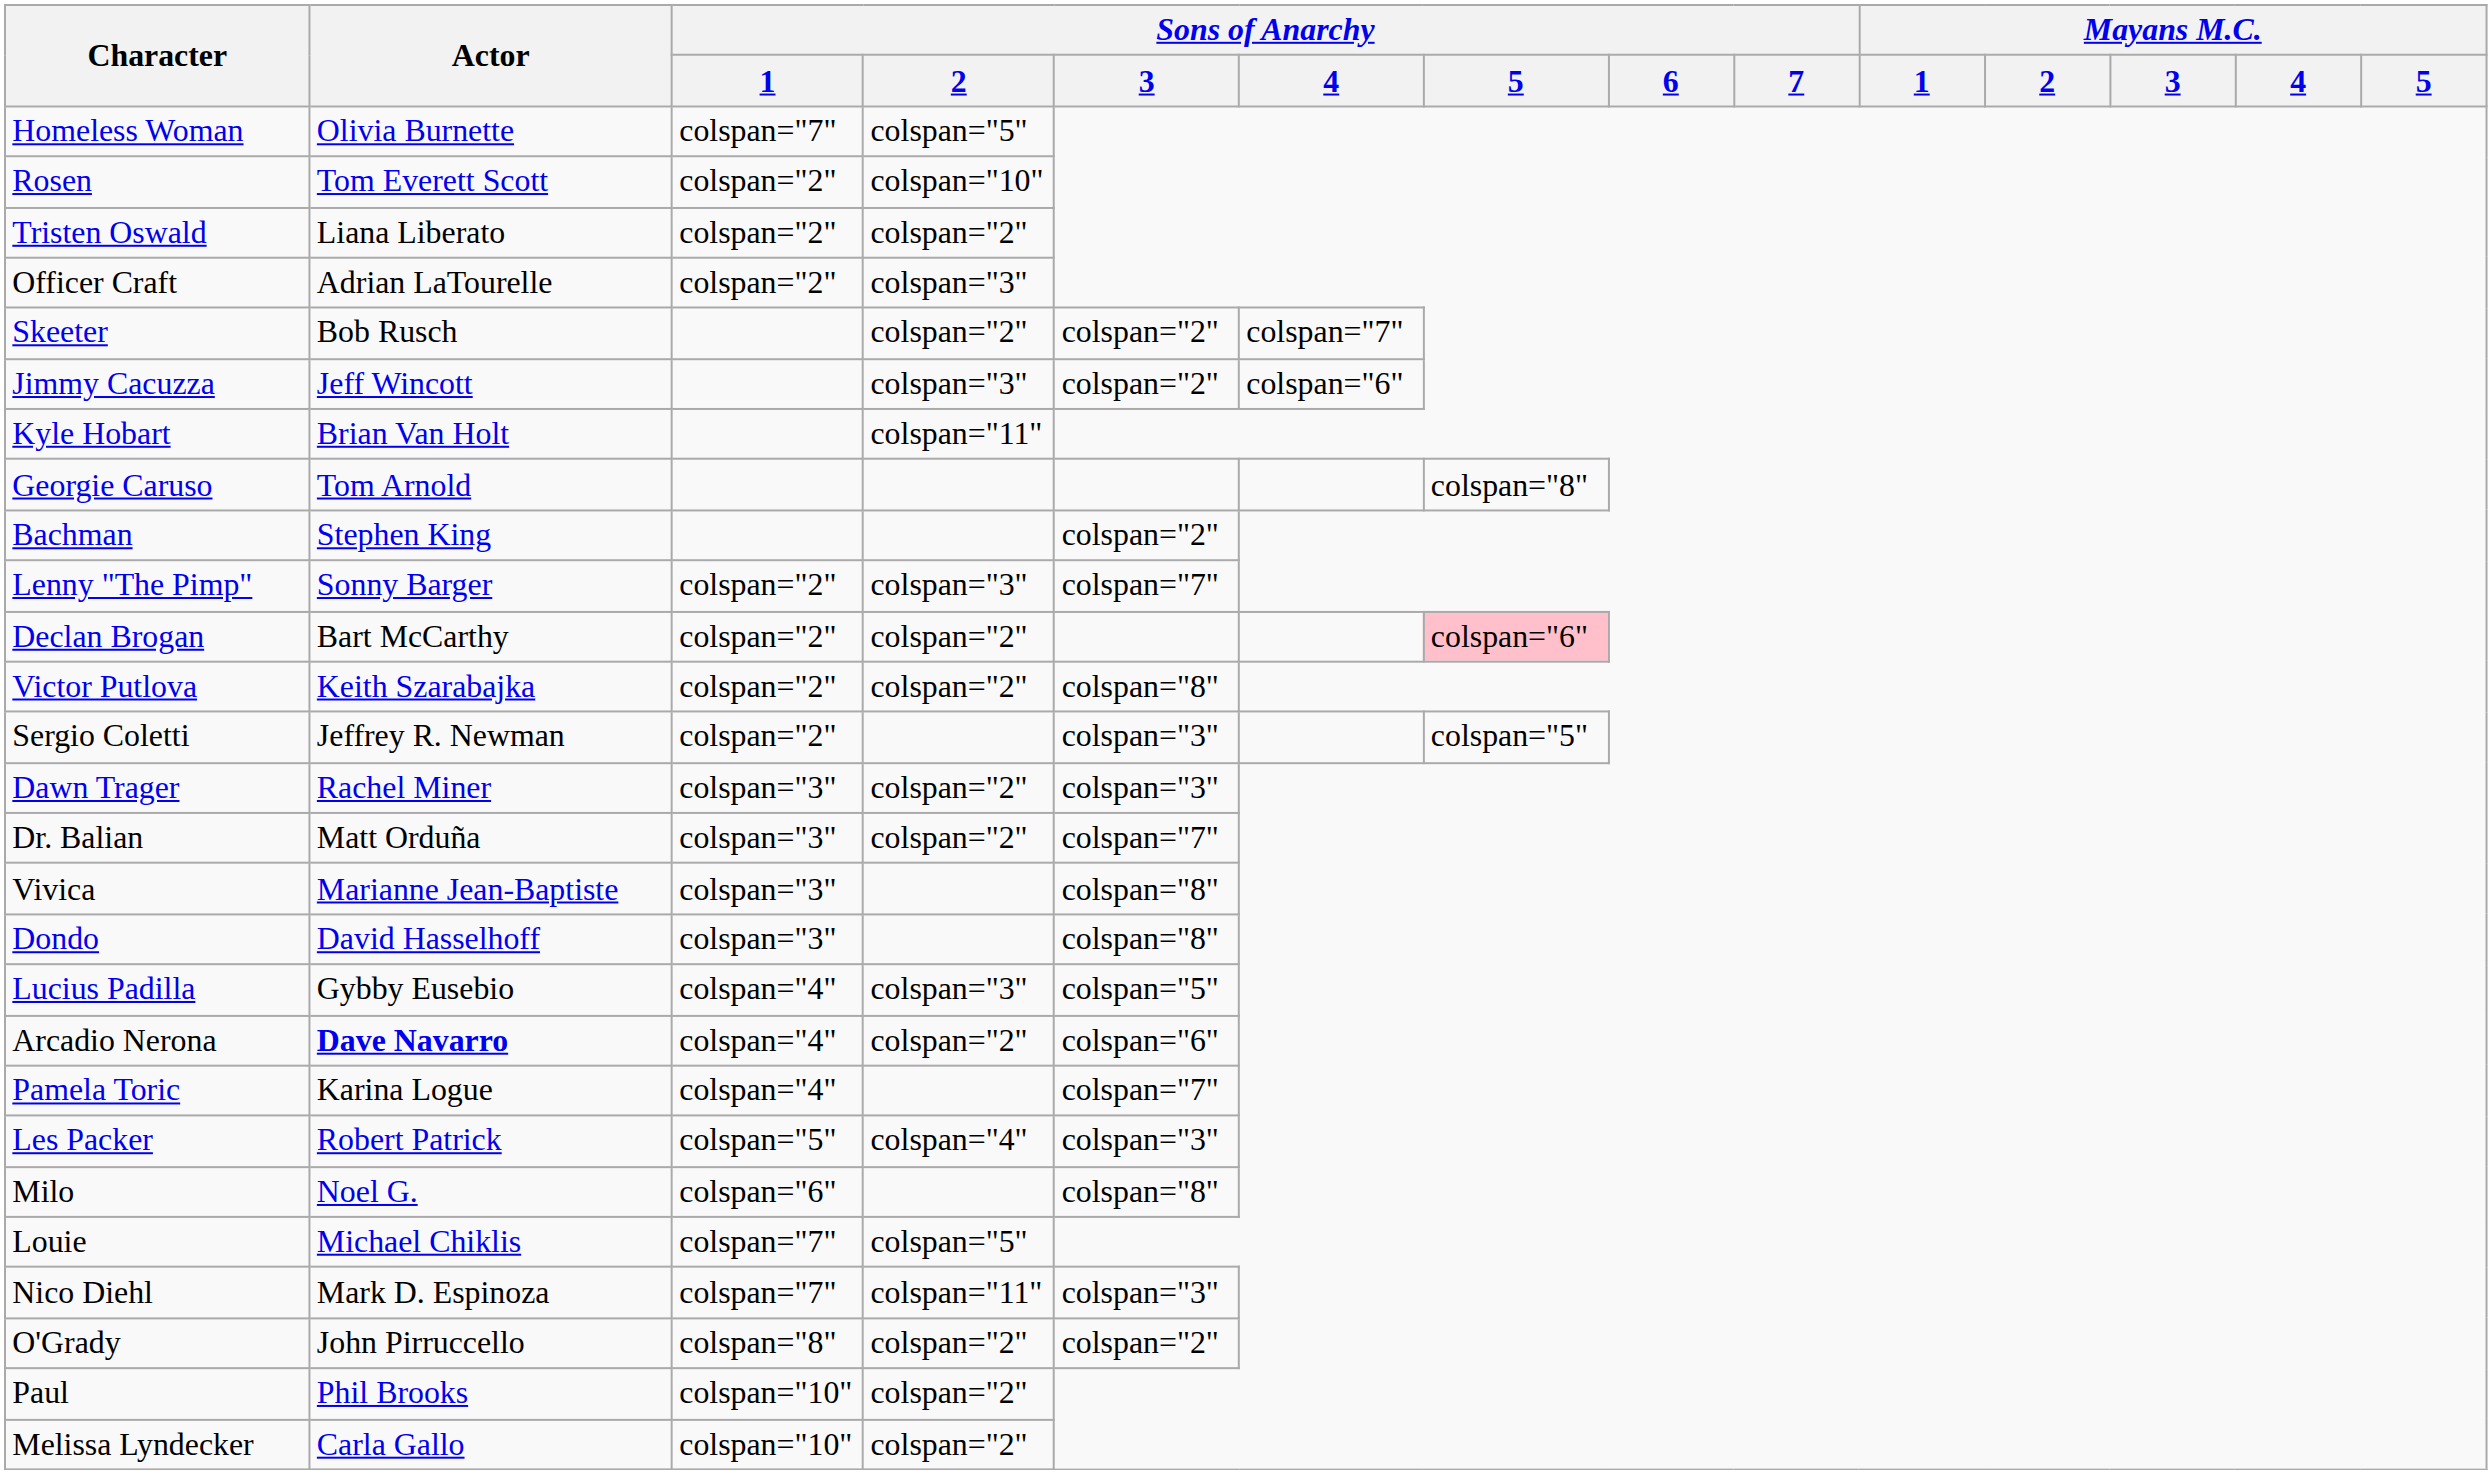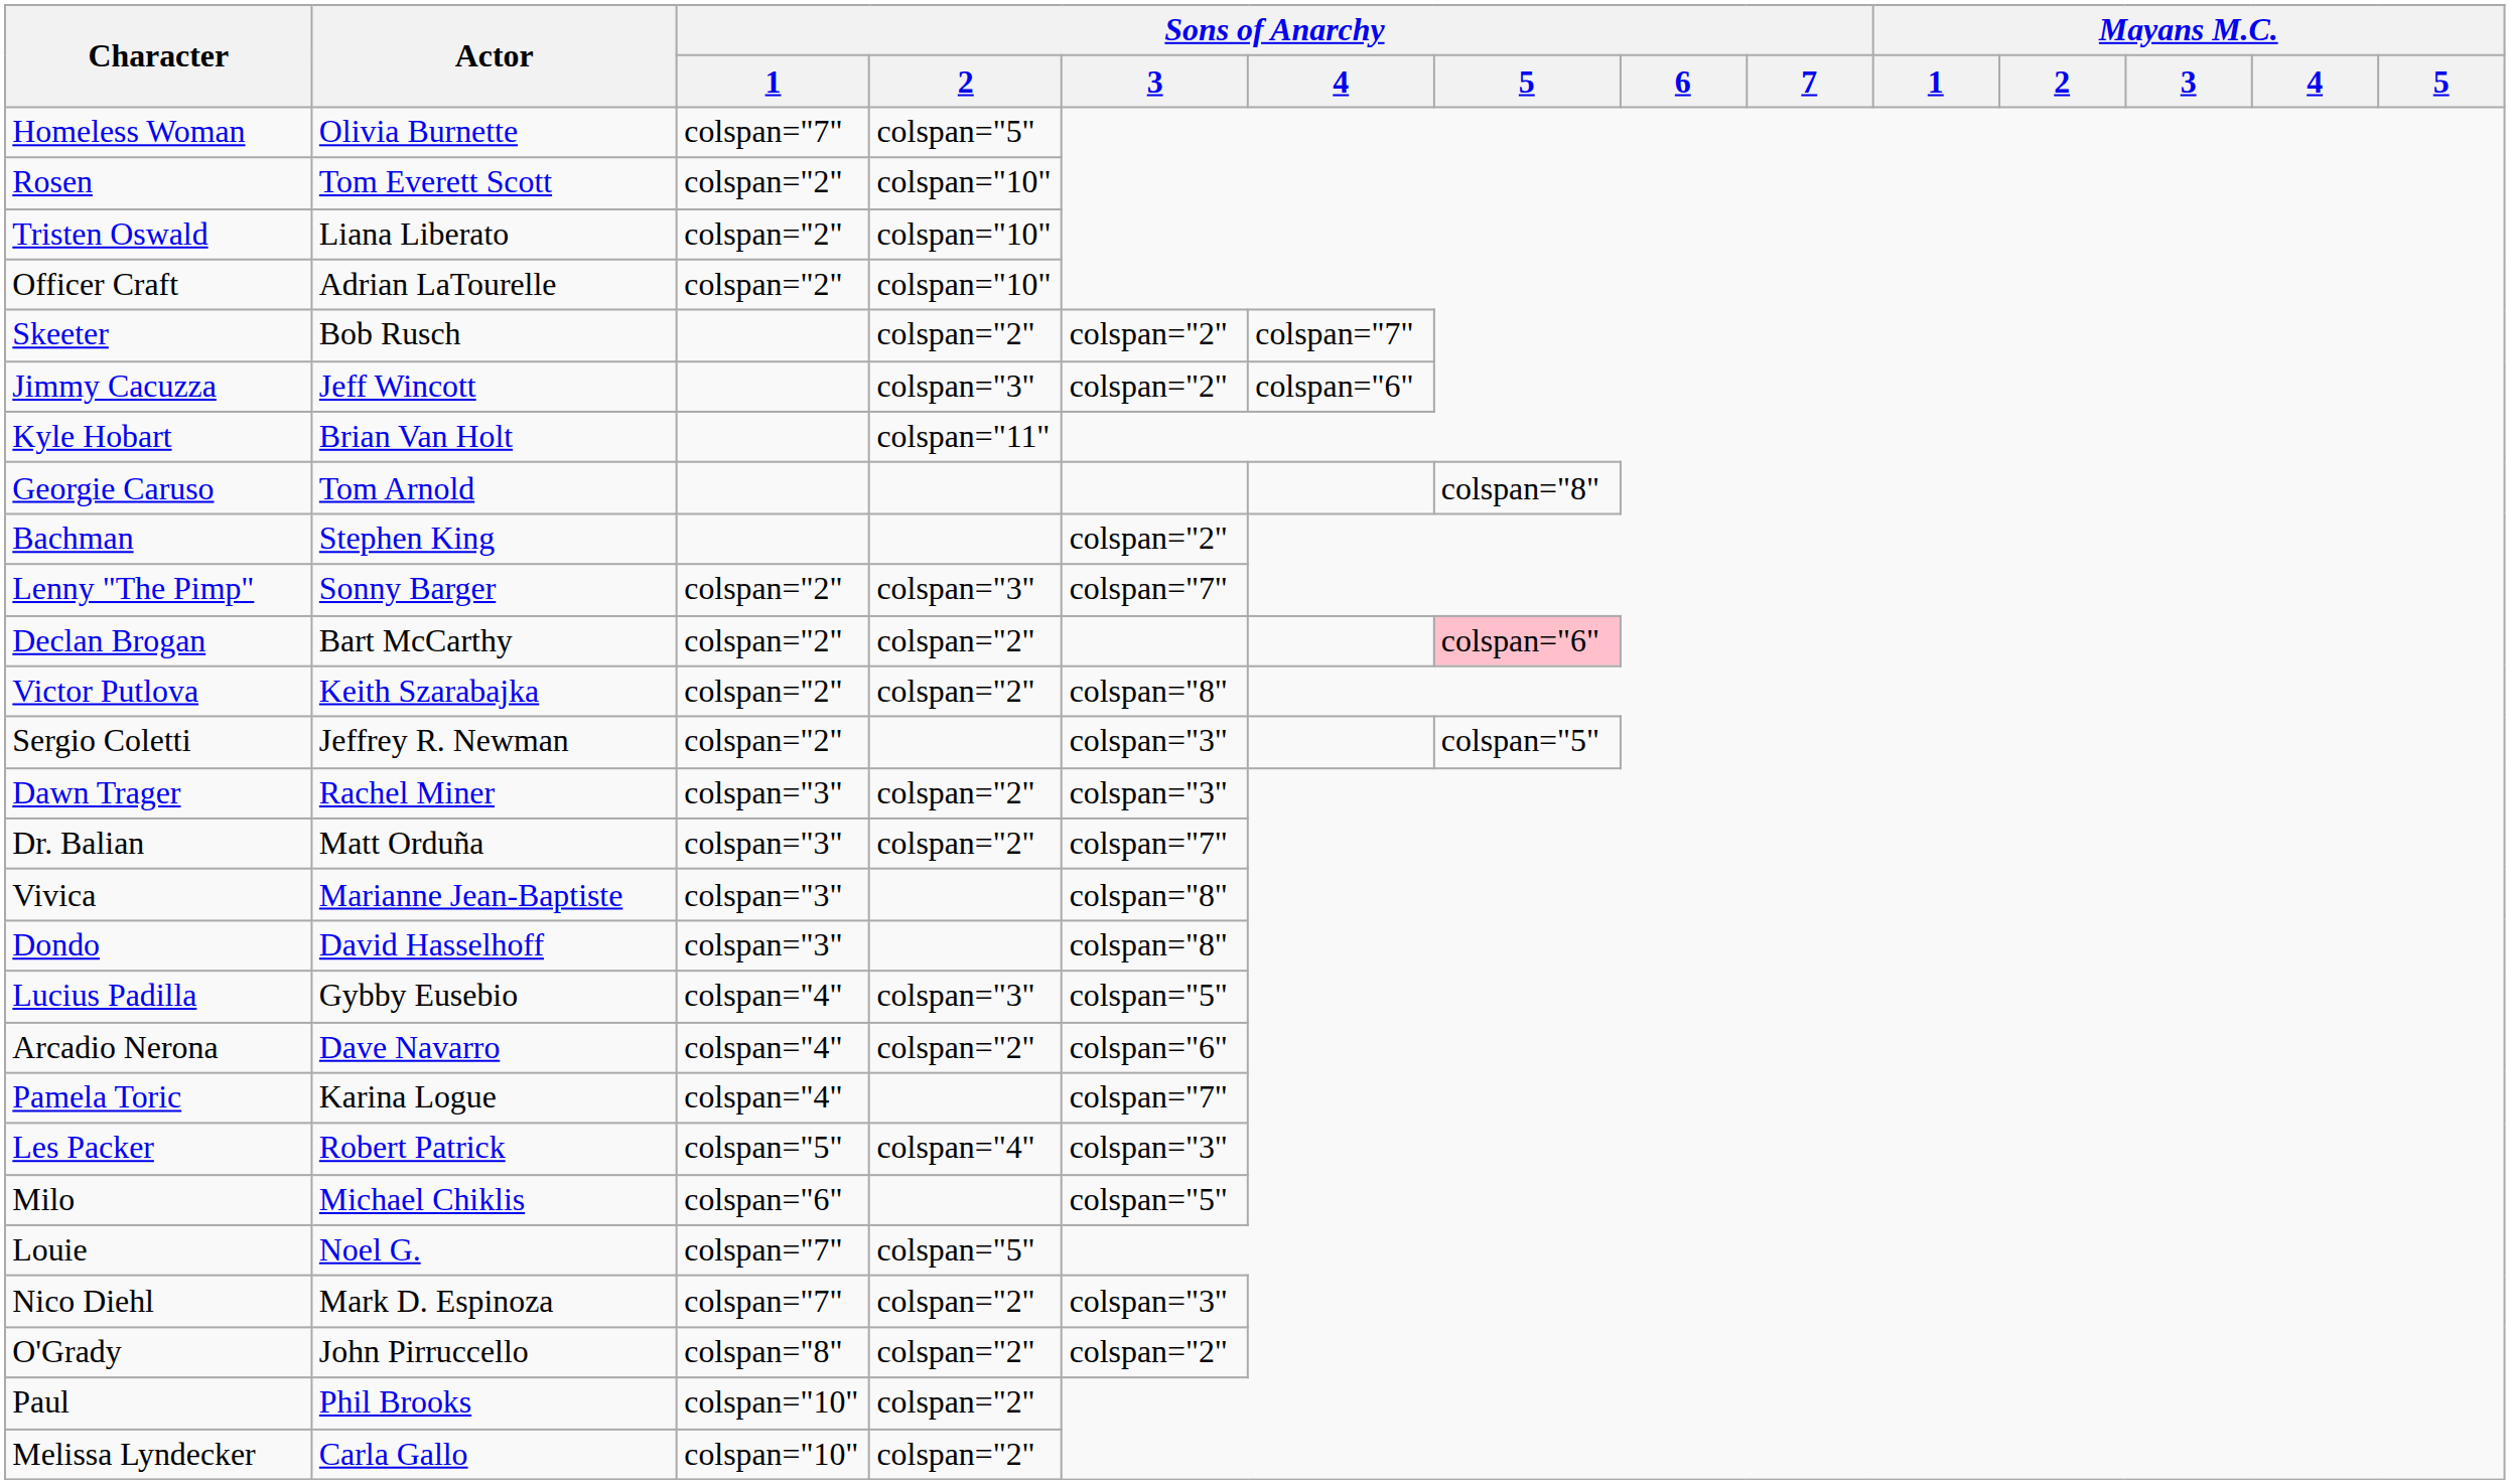 <table class="wikitable plainrowheaders">
 <tr>
 <th rowspan="2" style="width:200px;">Character</th>
 <th rowspan="2" style="width:250px;">Actor</th>
 <th colspan="7"><em><a href='#'>Sons of Anarchy</a></em></th>
 <th colspan="5"><em><a href='#'>Mayans M.C.</a></em></th>
 </tr>
 <tr>
 <th style="width:90px;"><a href='#'>1</a></th>
 <th style="width:90px;"><a href='#'>2</a></th>
 <th style="width:90px;"><a href='#'>3</a></th>
 <th style="width:90px;"><a href='#'>4</a></th>
 <th style="width:90px;"><a href='#'>5</a></th>
 <th style="width:90px;"><a href='#'>6</a></th>
 <th style="width:90px;"><a href='#'>7</a></th>
 <th style="width:90px;"><a href='#'>1</a></th>
 <th style="width:90px;"><a href='#'>2</a></th>
 <th style="width:90px;"><a href='#'>3</a></th>
 <th style="width:90px;"><a href='#'>4</a></th>
 <th style="width:90px;"><a href='#'>5</a></th>
 </tr>
 <tr>
 <td><a href='#'>Homeless Woman</a></td>
 <td><a href='#'>Olivia Burnette</a></td>
 <td>colspan="7" </td>
 <td>colspan="5" </td>
 </tr>
 <tr>
 <td><a href='#'>Rosen</a></td>
 <td><a href='#'>Tom Everett Scott</a></td>
 <td>colspan="2" </td>
 <td>colspan="10" </td>
 </tr>
 <tr>
 <td><a href='#'>Tristen Oswald</a></td>
 <td>Liana Liberato</td>
 <td>colspan="2" </td>
-<td>colspan="2" </td>
+<td>colspan="10" </td>
 </tr>
 <tr>
 <td>Officer Craft</td>
 <td>Adrian LaTourelle</td>
 <td>colspan="2" </td>
-<td>colspan="3" </td>
+<td>colspan="10" </td>
 </tr>
 <tr>
 <td><a href='#'>Skeeter</a></td>
 <td>Bob Rusch</td>
 <td></td>
 <td>colspan="2" </td>
 <td>colspan="2" </td>
 <td>colspan="7" </td>
 </tr>
 <tr>
 <td><a href='#'>Jimmy Cacuzza</a></td>
 <td><a href='#'>Jeff Wincott</a></td>
 <td></td>
 <td>colspan="3" </td>
 <td>colspan="2" </td>
 <td>colspan="6" </td>
 </tr>
 <tr>
 <td><a href='#'>Kyle Hobart</a></td>
 <td><a href='#'>Brian Van Holt</a></td>
 <td></td>
 <td>colspan="11" </td>
 </tr>
 <tr>
 <td><a href='#'>Georgie Caruso</a></td>
 <td><a href='#'>Tom Arnold</a></td>
 <td></td>
 <td></td>
 <td></td>
 <td></td>
 <td>colspan="8" </td>
 </tr>
 <tr>
 <td><a href='#'>Bachman</a></td>
 <td><a href='#'>Stephen King</a></td>
 <td></td>
 <td></td>
 <td>colspan="2" </td>
 </tr>
 <tr>
 <td><a href='#'>Lenny "The Pimp"</a></td>
 <td><a href='#'>Sonny Barger</a></td>
 <td>colspan="2" </td>
 <td>colspan="3" </td>
 <td>colspan="7" </td>
 </tr>
 <tr>
 <td><a href='#'>Declan Brogan</a></td>
 <td>Bart McCarthy</td>
 <td>colspan="2" </td>
 <td>colspan="2" </td>
 <td></td>
 <td></td>
 <td style="background: pink;">colspan="6" </td>
 </tr>
 <tr>
 <td><a href='#'>Victor Putlova</a></td>
 <td><a href='#'>Keith Szarabajka</a></td>
 <td>colspan="2" </td>
 <td>colspan="2" </td>
 <td>colspan="8" </td>
 </tr>
 <tr>
 <td>Sergio Coletti</td>
 <td>Jeffrey R. Newman</td>
 <td>colspan="2" </td>
 <td></td>
 <td>colspan="3" </td>
 <td></td>
 <td>colspan="5" </td>
 </tr>
 <tr>
 <td><a href='#'>Dawn Trager</a></td>
 <td><a href='#'>Rachel Miner</a></td>
 <td>colspan="3" </td>
 <td>colspan="2" </td>
 <td>colspan="3" </td>
 </tr>
 <tr>
 <td>Dr. Balian</td>
 <td>Matt Orduña</td>
 <td>colspan="3" </td>
 <td>colspan="2" </td>
 <td>colspan="7" </td>
 </tr>
 <tr>
 <td>Vivica</td>
 <td><a href='#'>Marianne Jean-Baptiste</a></td>
 <td>colspan="3" </td>
 <td></td>
 <td>colspan="8" </td>
 </tr>
 <tr>
 <td><a href='#'>Dondo</a></td>
 <td><a href='#'>David Hasselhoff</a></td>
 <td>colspan="3" </td>
 <td></td>
 <td>colspan="8" </td>
 </tr>
 <tr>
 <td><a href='#'>Lucius Padilla</a></td>
 <td>Gybby Eusebio</td>
 <td>colspan="4" </td>
 <td>colspan="3" </td>
 <td>colspan="5" </td>
 </tr>
 <tr>
 <td>Arcadio Nerona</td>
-<td><strong><a href='#'>Dave Navarro</a></strong></td>
+<td><a href='#'>Dave Navarro</a></td>
 <td>colspan="4" </td>
 <td>colspan="2" </td>
 <td>colspan="6" </td>
 </tr>
 <tr>
 <td><a href='#'>Pamela Toric</a></td>
 <td>Karina Logue</td>
 <td>colspan="4" </td>
 <td></td>
 <td>colspan="7" </td>
 </tr>
 <tr>
 <td><a href='#'>Les Packer</a></td>
 <td><a href='#'>Robert Patrick</a></td>
 <td>colspan="5" </td>
 <td>colspan="4" </td>
 <td>colspan="3" </td>
 </tr>
 <tr>
 <td>Milo</td>
-<td><a href='#'>Noel G.</a></td>
+<td><a href='#'>Michael Chiklis</a></td>
 <td>colspan="6" </td>
 <td></td>
-<td>colspan="8" </td>
+<td>colspan="5" </td>
 </tr>
 <tr>
 <td>Louie</td>
-<td><a href='#'>Michael Chiklis</a></td>
+<td><a href='#'>Noel G.</a></td>
 <td>colspan="7" </td>
 <td>colspan="5" </td>
 </tr>
 <tr>
 <td>Nico Diehl</td>
 <td>Mark D. Espinoza</td>
 <td>colspan="7" </td>
-<td>colspan="11" </td>
+<td>colspan="2" </td>
 <td>colspan="3" </td>
 </tr>
 <tr>
 <td>O'Grady</td>
 <td>John Pirruccello</td>
 <td>colspan="8" </td>
 <td>colspan="2" </td>
 <td>colspan="2" </td>
 </tr>
 <tr>
 <td>Paul</td>
 <td><a href='#'>Phil Brooks</a></td>
 <td>colspan="10" </td>
 <td>colspan="2" </td>
 </tr>
 <tr>
 <td>Melissa Lyndecker</td>
 <td><a href='#'>Carla Gallo</a></td>
 <td>colspan="10" </td>
 <td>colspan="2" </td>
 </tr>
 <tr>
 </tr>
 </table>
